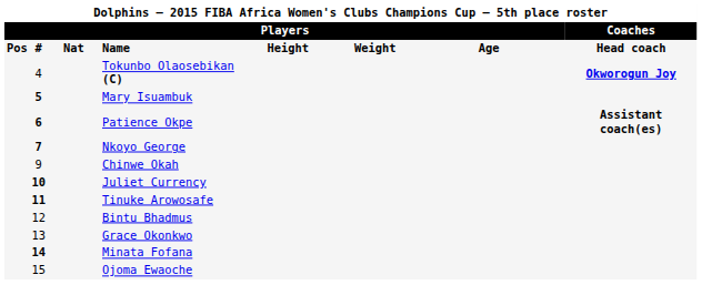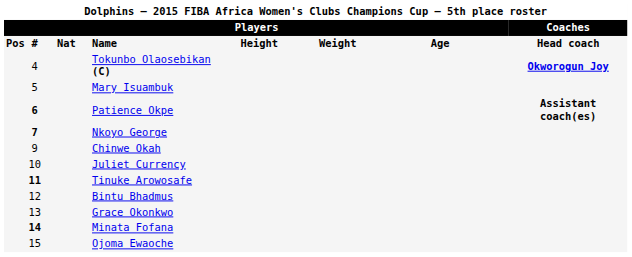 <table border=0 cellpadding=2 cellspacing=0  |- bgcolor=#f5f5f5 style="text-align:center; font-size:85%;" width=75%>
 <tr>
 <td colspan="8" style="background: white; color: black"><strong>Dolphins – 2015 FIBA Africa Women's Clubs Champions Cup – 5th place roster</strong></td>
 </tr>
 <tr>
 <td colspan="7" style="background: black; color: white"><strong>Players</strong></td>
 <td style="background: black; color: white"><strong>Coaches</strong></td>
 </tr>
 <tr style="background=#f5f5f5; color: black">
 <th width=5px>Pos</th>
 <th width=5px>#</th>
 <th width=50px>Nat</th>
 <th width=135px align=left>Name</th>
 <th width=100px>Height</th>
 <th width=70px>Weight</th>
 <th width=160px>Age</th>
 <th width=130px>Head coach</th>
 </tr>
 <tr>
 <td></td>
 <td>4</td>
 <td></td>
 <td align=left><a href='#'>Tokunbo Olaosebikan</a> <strong>(C)</strong></td>
 <td><span></span></td>
 <td><span></span></td>
 <td><span></span></td>
 <td><strong> <a href='#'>Okworogun Joy</a></strong></td>
 </tr>
 <tr>
 <td></td>
-<td><strong>5</strong></td>
+<td>5</td>
 <td></td>
 <td align=left><a href='#'>Mary Isuambuk</a></td>
 <td></td>
 <td></td>
 <td><span></span></td>
 </tr>
 <tr>
 <td></td>
 <td><strong>6</strong></td>
 <td></td>
 <td align=left><a href='#'>Patience Okpe</a></td>
 <td><span></span></td>
 <td></td>
 <td><span></span></td>
 <td><strong>Assistant coach(es)</strong></td>
 </tr>
 <tr>
 <td></td>
 <td><strong>7</strong></td>
 <td></td>
 <td align=left><a href='#'>Nkoyo George</a></td>
 <td></td>
 <td></td>
 <td><span></span></td>
 <td></td>
 </tr>
 <tr>
 <td></td>
 <td>9</td>
 <td></td>
 <td align=left><a href='#'>Chinwe Okah</a></td>
 <td></td>
 <td></td>
 <td><span></span></td>
 </tr>
 <tr>
 <td></td>
-<td><strong>10</strong></td>
+<td>10</td>
 <td></td>
 <td align=left><a href='#'>Juliet Currency</a></td>
 <td></td>
 <td></td>
 <td><span></span></td>
 </tr>
 <tr>
 <td></td>
 <td><strong>11</strong></td>
 <td></td>
 <td align=left><a href='#'>Tinuke Arowosafe</a></td>
 <td></td>
 <td></td>
 <td><span></span></td>
 </tr>
 <tr>
 <td></td>
 <td>12</td>
 <td></td>
 <td align=left><a href='#'>Bintu Bhadmus</a></td>
 <td><span></span></td>
 <td><span></span></td>
 <td><span></span></td>
 </tr>
 <tr>
 <td></td>
 <td>13</td>
 <td></td>
 <td align=left><a href='#'>Grace Okonkwo</a></td>
 <td></td>
 <td></td>
 <td><span></span></td>
 </tr>
 <tr>
 <td></td>
 <td><strong>14</strong></td>
 <td></td>
 <td align=left><a href='#'>Minata Fofana</a></td>
 <td></td>
 <td></td>
 <td><span></span></td>
 </tr>
 <tr>
 <td></td>
 <td>15</td>
 <td></td>
 <td align=left><a href='#'>Ojoma Ewaoche</a></td>
 <td></td>
 <td></td>
 <td><span></span></td>
 </tr>
 </table>
